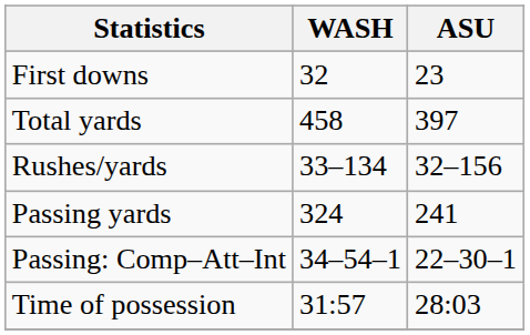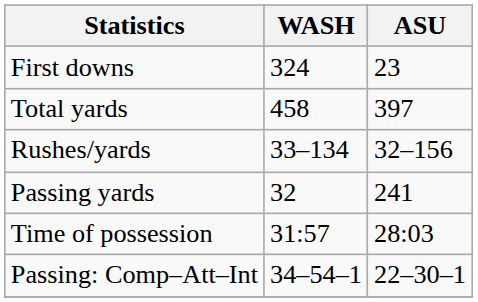 <table class="wikitable" style="float: left;">
 <tr>
 <th>Statistics</th>
 <th>WASH</th>
 <th>ASU</th>
 </tr>
 <tr>
 <td>First downs</td>
-<td>32</td>
+<td>324</td>
 <td>23</td>
 </tr>
 <tr>
 <td>Total yards</td>
 <td>458</td>
 <td>397</td>
 </tr>
 <tr>
 <td>Rushes/yards</td>
 <td>33–134</td>
 <td>32–156</td>
 </tr>
 <tr>
 <td>Passing yards</td>
-<td>324</td>
+<td>32</td>
 <td>241</td>
+</tr>
+<tr>
+<td>Time of possession</td>
+<td>31:57</td>
+<td>28:03</td>
 </tr>
 <tr>
 <td>Passing: Comp–Att–Int</td>
 <td>34–54–1</td>
 <td>22–30–1</td>
 </tr>
 <tr>
-<td>Time of possession</td>
-<td>31:57</td>
-<td>28:03</td>
-</tr>
-<tr>
 </tr>
 </table>
